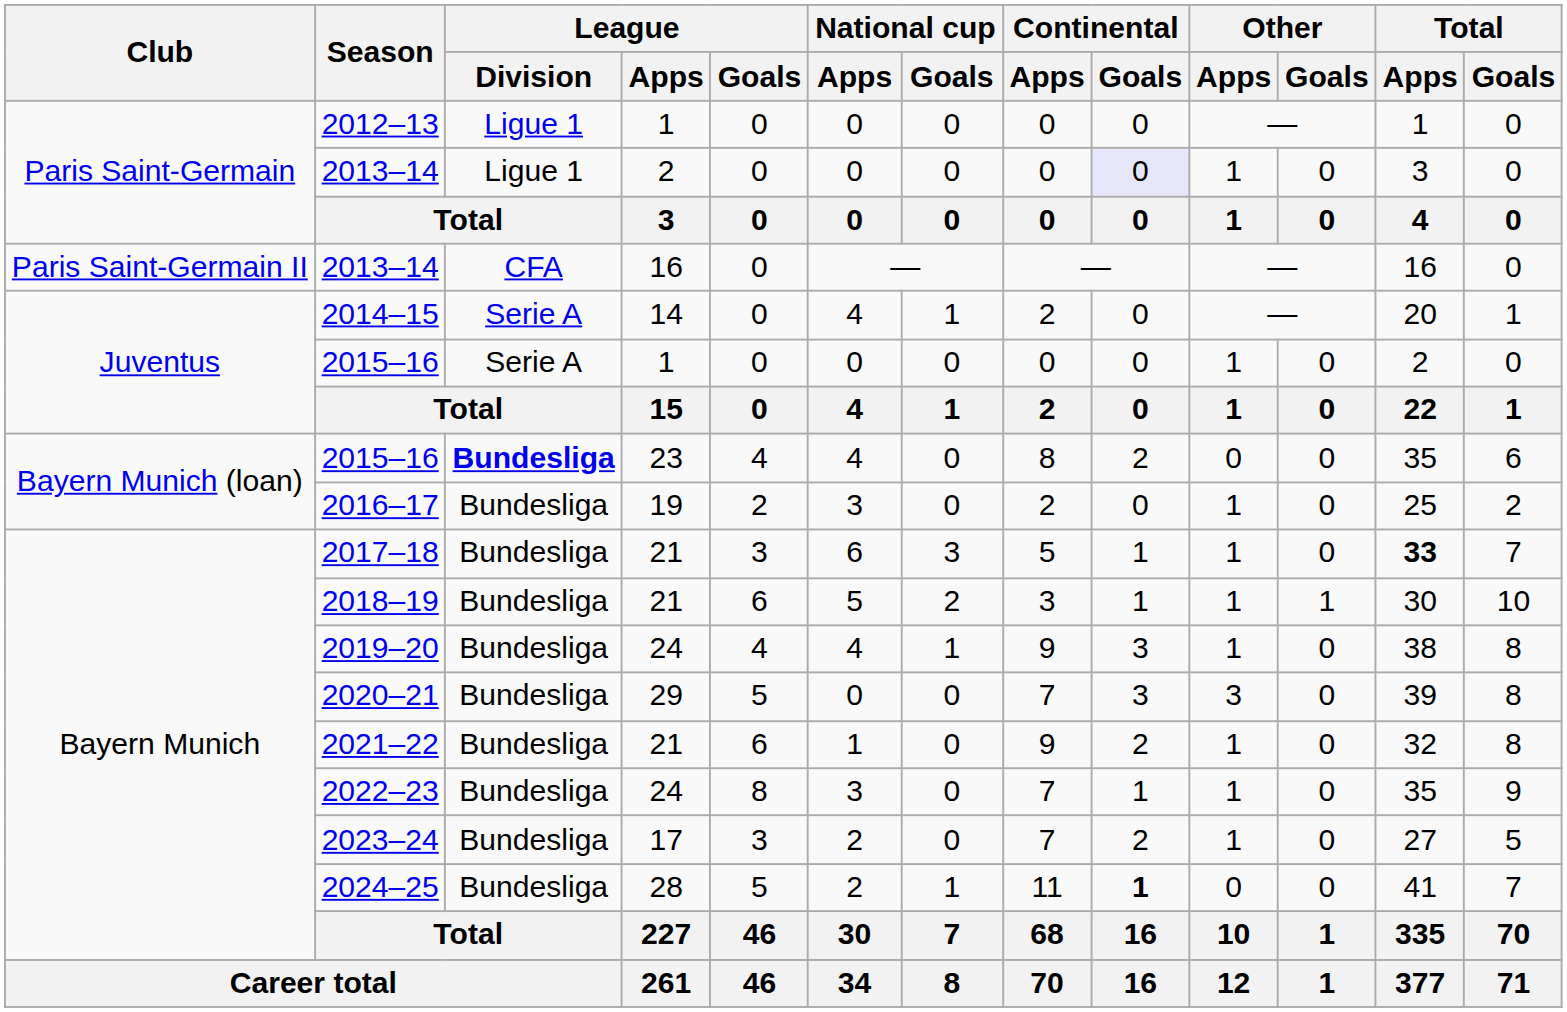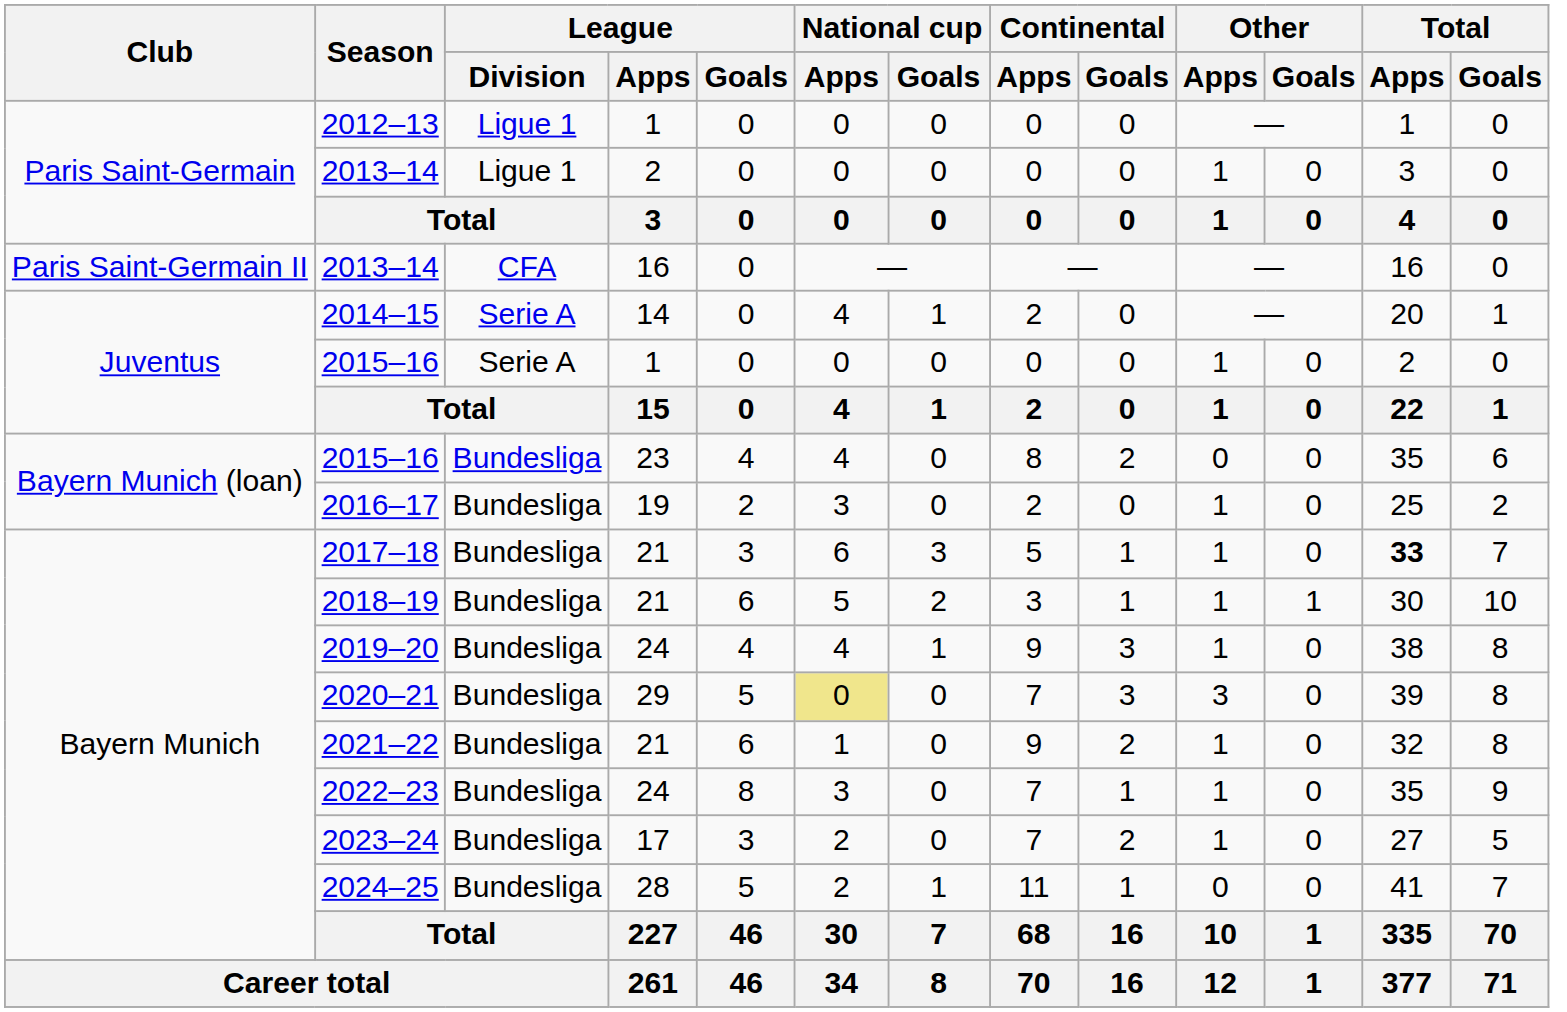 <table class="wikitable" style="text-align: center;">
 <tr>
 <th rowspan="2">Club</th>
 <th rowspan="2">Season</th>
 <th colspan="3">League</th>
 <th colspan="2">National cup</th>
 <th colspan="2">Continental</th>
 <th colspan="2">Other</th>
 <th colspan="2">Total</th>
 </tr>
 <tr>
 <th>Division</th>
 <th>Apps</th>
 <th>Goals</th>
 <th>Apps</th>
 <th>Goals</th>
 <th>Apps</th>
 <th>Goals</th>
 <th>Apps</th>
 <th>Goals</th>
 <th>Apps</th>
 <th>Goals</th>
 </tr>
 <tr>
 <td rowspan="3"><a href='#'>Paris Saint-Germain</a></td>
 <td><a href='#'>2012–13</a></td>
 <td><a href='#'>Ligue 1</a></td>
 <td>1</td>
 <td>0</td>
 <td>0</td>
 <td>0</td>
 <td>0</td>
 <td>0</td>
 <td colspan="2">—</td>
 <td>1</td>
 <td>0</td>
 </tr>
 <tr>
 <td><a href='#'>2013–14</a></td>
 <td>Ligue 1</td>
 <td>2</td>
 <td>0</td>
 <td>0</td>
 <td>0</td>
 <td>0</td>
-<td style="background: lavender;">0</td>
+<td>0</td>
 <td>1</td>
 <td>0</td>
 <td>3</td>
 <td>0</td>
 </tr>
 <tr>
 <th colspan="2">Total</th>
 <th>3</th>
 <th>0</th>
 <th>0</th>
 <th>0</th>
 <th>0</th>
 <th>0</th>
 <th>1</th>
 <th>0</th>
 <th>4</th>
 <th>0</th>
 </tr>
 <tr>
 <td><a href='#'>Paris Saint-Germain II</a></td>
 <td><a href='#'>2013–14</a></td>
 <td><a href='#'>CFA</a></td>
 <td>16</td>
 <td>0</td>
 <td colspan="2">—</td>
 <td colspan="2">—</td>
 <td colspan="2">—</td>
 <td>16</td>
 <td>0</td>
 </tr>
 <tr>
 <td rowspan="3"><a href='#'>Juventus</a></td>
 <td><a href='#'>2014–15</a></td>
 <td><a href='#'>Serie A</a></td>
 <td>14</td>
 <td>0</td>
 <td>4</td>
 <td>1</td>
 <td>2</td>
 <td>0</td>
 <td colspan="2">—</td>
 <td>20</td>
 <td>1</td>
 </tr>
 <tr>
 <td><a href='#'>2015–16</a></td>
 <td>Serie A</td>
 <td>1</td>
 <td>0</td>
 <td>0</td>
 <td>0</td>
 <td>0</td>
 <td>0</td>
 <td>1</td>
 <td>0</td>
 <td>2</td>
 <td>0</td>
 </tr>
 <tr>
 <th colspan="2">Total</th>
 <th>15</th>
 <th>0</th>
 <th>4</th>
 <th>1</th>
 <th>2</th>
 <th>0</th>
 <th>1</th>
 <th>0</th>
 <th>22</th>
 <th>1</th>
 </tr>
 <tr>
 <td rowspan="2"><a href='#'>Bayern Munich</a> (loan)</td>
 <td><a href='#'>2015–16</a></td>
-<td><strong><a href='#'>Bundesliga</a></strong></td>
+<td><a href='#'>Bundesliga</a></td>
 <td>23</td>
 <td>4</td>
 <td>4</td>
 <td>0</td>
 <td>8</td>
 <td>2</td>
 <td>0</td>
 <td>0</td>
 <td>35</td>
 <td>6</td>
 </tr>
 <tr>
 <td><a href='#'>2016–17</a></td>
 <td>Bundesliga</td>
 <td>19</td>
 <td>2</td>
 <td>3</td>
 <td>0</td>
 <td>2</td>
 <td>0</td>
 <td>1</td>
 <td>0</td>
 <td>25</td>
 <td>2</td>
 </tr>
 <tr>
 <td rowspan="9">Bayern Munich</td>
 <td><a href='#'>2017–18</a></td>
 <td>Bundesliga</td>
 <td>21</td>
 <td>3</td>
 <td>6</td>
 <td>3</td>
 <td>5</td>
 <td>1</td>
 <td>1</td>
 <td>0</td>
 <td><strong>33</strong></td>
 <td>7</td>
 </tr>
 <tr>
 <td><a href='#'>2018–19</a></td>
 <td>Bundesliga</td>
 <td>21</td>
 <td>6</td>
 <td>5</td>
 <td>2</td>
 <td>3</td>
 <td>1</td>
 <td>1</td>
 <td>1</td>
 <td>30</td>
 <td>10</td>
 </tr>
 <tr>
 <td><a href='#'>2019–20</a></td>
 <td>Bundesliga</td>
 <td>24</td>
 <td>4</td>
 <td>4</td>
 <td>1</td>
 <td>9</td>
 <td>3</td>
 <td>1</td>
 <td>0</td>
 <td>38</td>
 <td>8</td>
 </tr>
 <tr>
 <td><a href='#'>2020–21</a></td>
 <td>Bundesliga</td>
 <td>29</td>
 <td>5</td>
-<td>0</td>
+<td style="background: khaki;">0</td>
 <td>0</td>
 <td>7</td>
 <td>3</td>
 <td>3</td>
 <td>0</td>
 <td>39</td>
 <td>8</td>
 </tr>
 <tr>
 <td><a href='#'>2021–22</a></td>
 <td>Bundesliga</td>
 <td>21</td>
 <td>6</td>
 <td>1</td>
 <td>0</td>
 <td>9</td>
 <td>2</td>
 <td>1</td>
 <td>0</td>
 <td>32</td>
 <td>8</td>
 </tr>
 <tr>
 <td><a href='#'>2022–23</a></td>
 <td>Bundesliga</td>
 <td>24</td>
 <td>8</td>
 <td>3</td>
 <td>0</td>
 <td>7</td>
 <td>1</td>
 <td>1</td>
 <td>0</td>
 <td>35</td>
 <td>9</td>
 </tr>
 <tr>
 <td><a href='#'>2023–24</a></td>
 <td>Bundesliga</td>
 <td>17</td>
 <td>3</td>
 <td>2</td>
 <td>0</td>
 <td>7</td>
 <td>2</td>
 <td>1</td>
 <td>0</td>
 <td>27</td>
 <td>5</td>
 </tr>
 <tr>
 <td><a href='#'>2024–25</a></td>
 <td>Bundesliga</td>
 <td>28</td>
 <td>5</td>
 <td>2</td>
 <td>1</td>
 <td>11</td>
-<td><strong>1</strong></td>
+<td>1</td>
 <td>0</td>
 <td>0</td>
 <td>41</td>
 <td>7</td>
 </tr>
 <tr>
 <th colspan="2">Total</th>
 <th>227</th>
 <th>46</th>
 <th>30</th>
 <th>7</th>
 <th>68</th>
 <th>16</th>
 <th>10</th>
 <th>1</th>
 <th>335</th>
 <th>70</th>
 </tr>
 <tr>
 <th colspan="3">Career total</th>
 <th>261</th>
 <th>46</th>
 <th>34</th>
 <th>8</th>
 <th>70</th>
 <th>16</th>
 <th>12</th>
 <th>1</th>
 <th>377</th>
 <th>71</th>
 </tr>
 </table>
